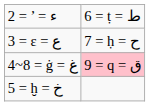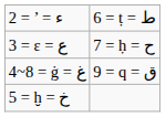 <table class="wikitable">
 <tr>
 <td>2 = ’ = ء</td>
 <td>6 = ṭ = ط</td>
 </tr>
 <tr>
 <td>3 = ɛ = ع</td>
 <td>7 = ḥ = ح</td>
 </tr>
 <tr>
 <td>4~8 = ġ = غ</td>
-<td style="background: pink;">9 = q = ق</td>
+<td>9 = q = ق</td>
 </tr>
 <tr>
 <td>5 = ḫ = خ</td>
 <td></td>
 </tr>
 </table>
